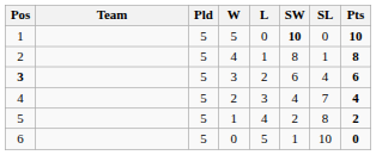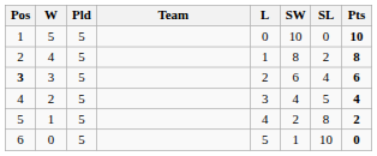 <table class="wikitable" style="text-align: center;">
 <tr>
 <th width="30">Pos</th>
+<th width="30">W</th>
+<th width="30">Pld</th>
 <th width="180">Team</th>
-<th width="30">Pld</th>
-<th width="30">W</th>
 <th width="30">L</th>
 <th width="30">SW</th>
 <th width="30">SL</th>
 <th width="30">Pts</th>
 </tr>
 <tr>
 <td>1</td>
-<td align="left"></td>
 <td>5</td>
 <td>5</td>
+<td align="left"></td>
 <td>0</td>
-<td><strong>10</strong></td>
+<td>10</td>
 <td>0</td>
 <td><strong>10</strong></td>
 </tr>
 <tr>
 <td>2</td>
+<td>4</td>
+<td>5</td>
 <td align="left"></td>
-<td>5</td>
-<td>4</td>
 <td>1</td>
 <td>8</td>
-<td>1</td>
+<td>2</td>
 <td><strong>8</strong></td>
 </tr>
 <tr>
 <td><strong>3</strong></td>
+<td>3</td>
+<td>5</td>
 <td align="left"></td>
-<td>5</td>
-<td>3</td>
 <td>2</td>
 <td>6</td>
 <td>4</td>
 <td><strong>6</strong></td>
 </tr>
 <tr>
 <td>4</td>
+<td>2</td>
+<td>5</td>
 <td align="left"></td>
-<td>5</td>
-<td>2</td>
 <td>3</td>
 <td>4</td>
-<td>7</td>
+<td>5</td>
 <td><strong>4</strong></td>
 </tr>
 <tr>
 <td>5</td>
+<td>1</td>
+<td>5</td>
 <td align="left"></td>
-<td>5</td>
-<td>1</td>
 <td>4</td>
 <td>2</td>
 <td>8</td>
 <td><strong>2</strong></td>
 </tr>
 <tr>
 <td>6</td>
+<td>0</td>
+<td>5</td>
 <td align="left"></td>
-<td>5</td>
-<td>0</td>
 <td>5</td>
 <td>1</td>
 <td>10</td>
 <td><strong>0</strong></td>
 </tr>
 </table>
